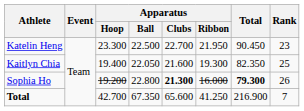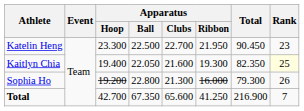 <table class=wikitable style="font-size:90%">
 <tr>
 <th rowspan=2>Athlete</th>
 <th rowspan=2>Event</th>
 <th colspan=4>Apparatus</th>
 <th rowspan=2>Total</th>
 <th rowspan=2>Rank</th>
 </tr>
 <tr style="font-size:95%;">
 <th>Hoop</th>
 <th>Ball</th>
 <th>Clubs</th>
 <th>Ribbon</th>
 </tr>
 <tr align=center>
 <td align=left><a href='#'>Katelin Heng</a></td>
 <td align=left rowspan=4>Team</td>
 <td>23.300</td>
 <td>22.500</td>
 <td>22.700</td>
 <td>21.950</td>
 <td>90.450</td>
 <td>23</td>
 </tr>
 <tr align=center>
 <td align=left><a href='#'>Kaitlyn Chia</a></td>
 <td>19.400</td>
 <td>22.050</td>
 <td>21.600</td>
 <td>19.300</td>
 <td>82.350</td>
-<td>25</td>
+<td style="background: lightyellow;">25</td>
 </tr>
 <tr align=center>
 <td align=left><a href='#'>Sophia Ho</a></td>
 <td><s>19.200</s></td>
 <td>22.800</td>
-<td><strong>21.300</strong></td>
+<td>21.300</td>
 <td><s>16.000</s></td>
-<td><strong>79.300</strong></td>
+<td>79.300</td>
 <td>26</td>
 </tr>
 <tr align=center>
 <td align=left><strong>Total</strong></td>
 <td>42.700</td>
 <td>67.350</td>
 <td>65.600</td>
 <td>41.250</td>
 <td>216.900</td>
 <td>7</td>
 </tr>
 </table>
